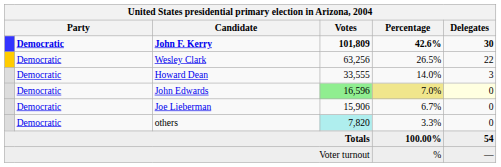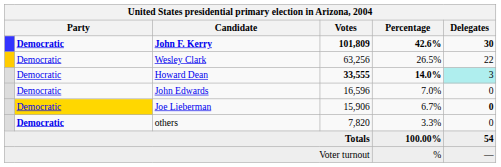 <table class="wikitable" style="font-size:95%;">
 <tr>
 <th colspan="6">United States presidential primary election in Arizona, 2004</th>
 </tr>
 <tr>
 <th colspan="2" style="width: 15em">Party</th>
 <th style="width: 17em">Candidate</th>
 <th style="width: 5em">Votes</th>
 <th style="width: 7em">Percentage</th>
 <th style="width: 5em">Delegates</th>
 </tr>
 <tr>
 <th style="background-color:#3333FF; width: 3px"></th>
 <td style="width: 130px"><strong><a href='#'>Democratic</a></strong></td>
 <td><strong><a href='#'>John F. Kerry</a></strong></td>
 <td align="right"><strong>101,809</strong></td>
 <td align="right"><strong>42.6%</strong></td>
 <td align="right"><strong>30</strong></td>
 </tr>
 <tr>
 <th style="background-color:#FFCC00; width: 3px"></th>
 <td style="width: 130px"><a href='#'>Democratic</a></td>
 <td><a href='#'>Wesley Clark</a></td>
 <td align="right">63,256</td>
 <td align="right">26.5%</td>
 <td align="right">22</td>
 </tr>
 <tr>
 <th style="background-color:#DDDDDD; width: 3px"></th>
 <td style="width: 130px"><a href='#'>Democratic</a></td>
 <td><a href='#'>Howard Dean</a></td>
-<td align="right">33,555</td>
-<td align="right">14.0%</td>
-<td align="right">3</td>
+<td align="right"><strong>33,555</strong></td>
+<td align="right"><strong>14.0%</strong></td>
+<td align="right" style="background: paleturquoise;">3</td>
 </tr>
 <tr>
 <th style="background-color:#DDDDDD; width: 3px"></th>
 <td style="width: 130px"><a href='#'>Democratic</a></td>
 <td><a href='#'>John Edwards</a></td>
-<td align="right" style="background: lightgreen;">16,596</td>
-<td align="right" style="background: khaki;">7.0%</td>
-<td align="right" style="background: lightyellow;">0</td>
-</tr>
-<tr>
-<th style="background-color:#DDDDDD; width: 3px"></th>
-<td style="width: 130px"><a href='#'>Democratic</a></td>
-<td><a href='#'>Joe Lieberman</a></td>
-<td align="right">15,906</td>
-<td align="right">6.7%</td>
+<td align="right">16,596</td>
+<td align="right">7.0%</td>
 <td align="right">0</td>
 </tr>
 <tr>
 <th style="background-color:#DDDDDD; width: 3px"></th>
-<td style="width: 130px"><a href='#'>Democratic</a></td>
+<td style="background: gold; width: 130px"><a href='#'>Democratic</a></td>
+<td><a href='#'>Joe Lieberman</a></td>
+<td align="right">15,906</td>
+<td align="right">6.7%</td>
+<td align="right"><strong>0</strong></td>
+</tr>
+<tr>
+<th style="background-color:#DDDDDD; width: 3px"></th>
+<td style="width: 130px"><strong><a href='#'>Democratic</a></strong></td>
 <td>others</td>
-<td align="right" style="background: paleturquoise;">7,820</td>
+<td align="right">7,820</td>
 <td align="right">3.3%</td>
 <td align="right">0</td>
 </tr>
 <tr bgcolor="#EEEEEE">
 <td colspan="4" align="right"><strong>Totals</strong></td>
 <td align="right"><strong>100.00%</strong></td>
 <td align="right"><strong>54</strong></td>
 </tr>
 <tr bgcolor="#EEEEEE">
 <td colspan="4" align="right">Voter turnout</td>
 <td align="right">%</td>
 <td align="right">—</td>
 </tr>
 </table>
